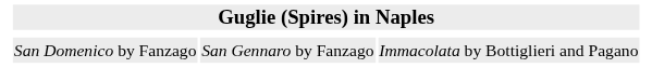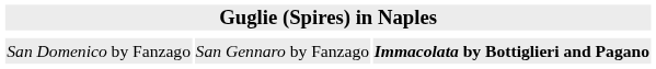 <table align=center>
 <tr>
 <th colspan="3" style="background:#ECECEC; "><strong>Guglie (Spires) in Naples</strong></th>
 </tr>
 <tr>
 <td></td>
 <td></td>
 <td></td>
 </tr>
 <tr>
 <td style="background:#ECECEC; "><small><em>San Domenico</em> by Fanzago<br></small></td>
 <td style="background:#ECECEC;"><small><em>San Gennaro</em> by Fanzago<br></small></td>
-<td style="background:#ECECEC; "><small><em>Immacolata</em> by Bottiglieri and Pagano<br></small></td>
+<td style="background:#ECECEC; "><strong><small><em>Immacolata</em> by Bottiglieri and Pagano<br></small></strong></td>
 </tr>
 </table>
